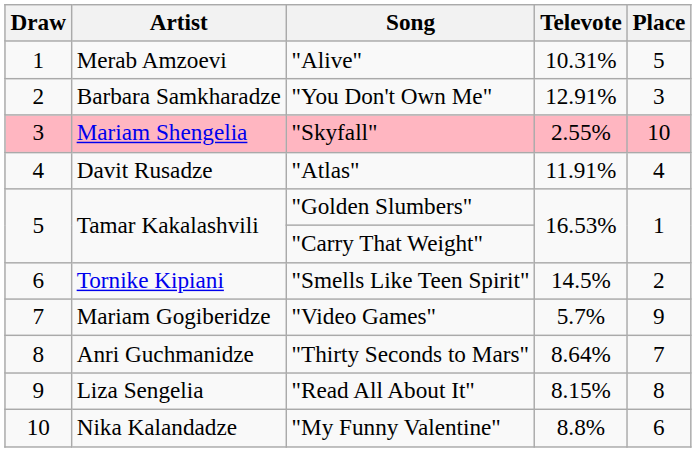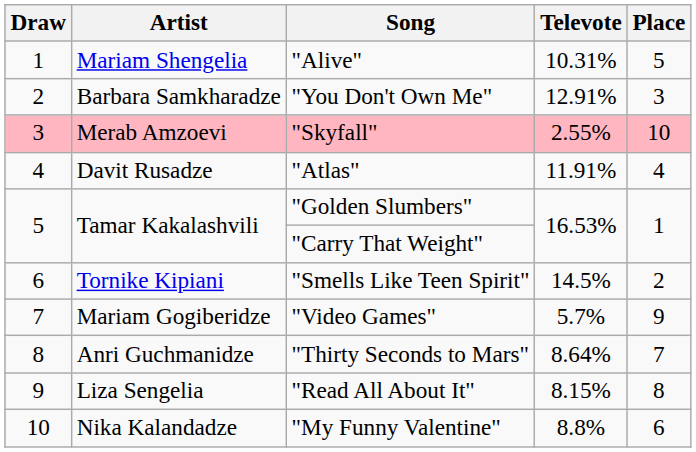 <table class="sortable wikitable" style="margin: 1em auto 1em auto; text-align:center;">
 <tr>
 <th>Draw</th>
 <th>Artist</th>
 <th>Song</th>
 <th>Televote</th>
 <th>Place</th>
 </tr>
 <tr>
 <td>1</td>
-<td align="left">Merab Amzoevi</td>
+<td align="left"><a href='#'>Mariam Shengelia</a></td>
 <td align="left">"Alive"</td>
 <td>10.31%</td>
 <td>5</td>
 </tr>
 <tr>
 <td>2</td>
 <td align="left">Barbara Samkharadze</td>
 <td align="left">"You Don't Own Me"</td>
 <td>12.91%</td>
 <td>3</td>
 </tr>
 <tr style="background:lightpink;">
 <td>3</td>
-<td align="left"><a href='#'>Mariam Shengelia</a></td>
+<td align="left">Merab Amzoevi</td>
 <td align="left">"Skyfall"</td>
 <td>2.55%</td>
 <td>10</td>
 </tr>
 <tr>
 <td>4</td>
 <td align="left">Davit Rusadze</td>
 <td align="left">"Atlas"</td>
 <td>11.91%</td>
 <td>4</td>
 </tr>
 <tr>
 <td rowspan="2">5</td>
 <td rowspan="2" align="left">Tamar Kakalashvili</td>
 <td align="left">"Golden Slumbers"</td>
 <td rowspan="2">16.53%</td>
 <td rowspan="2">1</td>
 </tr>
 <tr>
 <td align="left">"Carry That Weight"</td>
 </tr>
 <tr>
 <td>6</td>
 <td align="left"><a href='#'>Tornike Kipiani</a></td>
 <td align="left">"Smells Like Teen Spirit"</td>
 <td>14.5%</td>
 <td>2</td>
 </tr>
 <tr>
 <td>7</td>
 <td align="left">Mariam Gogiberidze</td>
 <td align="left">"Video Games"</td>
 <td>5.7%</td>
 <td>9</td>
 </tr>
 <tr>
 <td>8</td>
 <td align="left">Anri Guchmanidze</td>
 <td align="left">"Thirty Seconds to Mars"</td>
 <td>8.64%</td>
 <td>7</td>
 </tr>
 <tr>
 <td>9</td>
 <td align="left">Liza Sengelia</td>
 <td align="left">"Read All About It"</td>
 <td>8.15%</td>
 <td>8</td>
 </tr>
 <tr>
 <td>10</td>
 <td align="left">Nika Kalandadze</td>
 <td align="left">"My Funny Valentine"</td>
 <td>8.8%</td>
 <td>6</td>
 </tr>
 </table>
